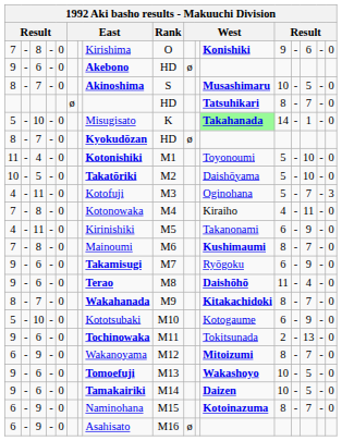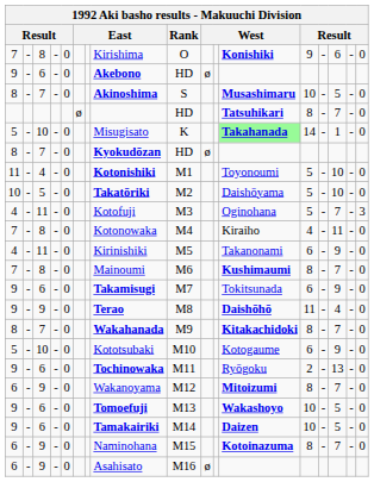 <table class="wikitable">
 <tr>
 <th colspan="17">1992 Aki basho results - Makuuchi Division</th>
 </tr>
 <tr>
 <th colspan="5">Result</th>
 <th colspan="3">East</th>
 <th>Rank</th>
 <th colspan="3">West</th>
 <th colspan="5">Result</th>
 </tr>
 <tr>
 <td align=center>7</td>
 <td align=center>-</td>
 <td align=center>8</td>
 <td align=center>-</td>
 <td align=center>0</td>
 <td align=center></td>
 <td align=center></td>
 <td><a href='#'>Kirishima</a></td>
 <td align=center>O</td>
 <td align=center></td>
 <td align=center></td>
 <td><strong><a href='#'>Konishiki</a></strong></td>
 <td align=center>9</td>
 <td align=center>-</td>
 <td align=center>6</td>
 <td align=center>-</td>
 <td align=center>0</td>
 </tr>
 <tr>
 <td align=center>9</td>
 <td align=center>-</td>
 <td align=center>6</td>
 <td align=center>-</td>
 <td align=center>0</td>
 <td align=center></td>
 <td align=center></td>
 <td><strong><a href='#'>Akebono</a></strong></td>
 <td align=center>HD</td>
 <td align=center>ø</td>
 <td align=center></td>
 <td></td>
 <td align=center></td>
 <td align=center></td>
 <td align=center></td>
 <td align=center></td>
 <td align=center></td>
 </tr>
 <tr>
 <td align=center>8</td>
 <td align=center>-</td>
 <td align=center>7</td>
 <td align=center>-</td>
 <td align=center>0</td>
 <td align=center></td>
 <td align=center></td>
 <td><strong><a href='#'>Akinoshima</a></strong></td>
 <td align=center>S</td>
 <td align=center></td>
 <td align=center></td>
 <td><strong><a href='#'>Musashimaru</a></strong></td>
 <td align=center>10</td>
 <td align=center>-</td>
 <td align=center>5</td>
 <td align=center>-</td>
 <td align=center>0</td>
 </tr>
 <tr>
 <td align=center></td>
 <td align=center></td>
 <td align=center></td>
 <td align=center></td>
 <td align=center></td>
 <td align=center>ø</td>
 <td align=center></td>
 <td></td>
 <td align=center>HD</td>
 <td align=center></td>
 <td align=center></td>
 <td><strong><a href='#'>Tatsuhikari</a></strong></td>
 <td align=center>8</td>
 <td align=center>-</td>
 <td align=center>7</td>
 <td align=center>-</td>
 <td align=center>0</td>
 </tr>
 <tr>
 <td align=center>5</td>
 <td align=center>-</td>
 <td align=center>10</td>
 <td align=center>-</td>
 <td align=center>0</td>
 <td align=center></td>
 <td align=center></td>
 <td><a href='#'>Misugisato</a></td>
 <td align=center>K</td>
 <td align=center></td>
 <td align=center></td>
 <td style="background: PaleGreen;"><strong><a href='#'>Takahanada</a></strong></td>
 <td align=center>14</td>
 <td align=center>-</td>
 <td align=center>1</td>
 <td align=center>-</td>
 <td align=center>0</td>
 </tr>
 <tr>
 <td align=center>8</td>
 <td align=center>-</td>
 <td align=center>7</td>
 <td align=center>-</td>
 <td align=center>0</td>
 <td align=center></td>
 <td align=center></td>
 <td><strong><a href='#'>Kyokudōzan</a></strong></td>
 <td align=center>HD</td>
 <td align=center>ø</td>
 <td align=center></td>
 <td></td>
 <td align=center></td>
 <td align=center></td>
 <td align=center></td>
 <td align=center></td>
 <td align=center></td>
 </tr>
 <tr>
 <td align=center>11</td>
 <td align=center>-</td>
 <td align=center>4</td>
 <td align=center>-</td>
 <td align=center>0</td>
 <td align=center></td>
 <td align=center></td>
 <td><strong><a href='#'>Kotonishiki</a></strong></td>
 <td align=center>M1</td>
 <td align=center></td>
 <td align=center></td>
 <td><a href='#'>Toyonoumi</a></td>
 <td align=center>5</td>
 <td align=center>-</td>
 <td align=center>10</td>
 <td align=center>-</td>
 <td align=center>0</td>
 </tr>
 <tr>
 <td align=center>10</td>
 <td align=center>-</td>
 <td align=center>5</td>
 <td align=center>-</td>
 <td align=center>0</td>
 <td align=center></td>
 <td align=center></td>
 <td><strong><a href='#'>Takatōriki</a></strong></td>
 <td align=center>M2</td>
 <td align=center></td>
 <td align=center></td>
 <td><a href='#'>Daishōyama</a></td>
 <td align=center>5</td>
 <td align=center>-</td>
 <td align=center>10</td>
 <td align=center>-</td>
 <td align=center>0</td>
 </tr>
 <tr>
 <td align=center>4</td>
 <td align=center>-</td>
 <td align=center>11</td>
 <td align=center>-</td>
 <td align=center>0</td>
 <td align=center></td>
 <td align=center></td>
 <td><a href='#'>Kotofuji</a></td>
 <td align=center>M3</td>
 <td align=center></td>
 <td align=center></td>
 <td><a href='#'>Oginohana</a></td>
 <td align=center>5</td>
 <td align=center>-</td>
 <td align=center>7</td>
 <td align=center>-</td>
 <td align=center>3</td>
 </tr>
 <tr>
 <td align=center>7</td>
 <td align=center>-</td>
 <td align=center>8</td>
 <td align=center>-</td>
 <td align=center>0</td>
 <td align=center></td>
 <td align=center></td>
 <td><a href='#'>Kotonowaka</a></td>
 <td align=center>M4</td>
 <td align=center></td>
 <td align=center></td>
 <td>Kiraiho</td>
 <td align=center>4</td>
 <td align=center>-</td>
 <td align=center>11</td>
 <td align=center>-</td>
 <td align=center>0</td>
 </tr>
 <tr>
 <td align=center>4</td>
 <td align=center>-</td>
 <td align=center>11</td>
 <td align=center>-</td>
 <td align=center>0</td>
 <td align=center></td>
 <td align=center></td>
 <td><a href='#'>Kirinishiki</a></td>
 <td align=center>M5</td>
 <td align=center></td>
 <td align=center></td>
 <td><a href='#'>Takanonami</a></td>
 <td align=center>6</td>
 <td align=center>-</td>
 <td align=center>9</td>
 <td align=center>-</td>
 <td align=center>0</td>
 </tr>
 <tr>
 <td align=center>7</td>
 <td align=center>-</td>
 <td align=center>8</td>
 <td align=center>-</td>
 <td align=center>0</td>
 <td align=center></td>
 <td align=center></td>
 <td><a href='#'>Mainoumi</a></td>
 <td align=center>M6</td>
 <td align=center></td>
 <td align=center></td>
 <td><strong><a href='#'>Kushimaumi</a></strong></td>
 <td align=center>8</td>
 <td align=center>-</td>
 <td align=center>7</td>
 <td align=center>-</td>
 <td align=center>0</td>
 </tr>
 <tr>
 <td align=center>9</td>
 <td align=center>-</td>
 <td align=center>6</td>
 <td align=center>-</td>
 <td align=center>0</td>
 <td align=center></td>
 <td align=center></td>
 <td><strong><a href='#'>Takamisugi</a></strong></td>
 <td align=center>M7</td>
 <td align=center></td>
 <td align=center></td>
-<td><a href='#'>Ryōgoku</a></td>
+<td><a href='#'>Tokitsunada</a></td>
 <td align=center>6</td>
 <td align=center>-</td>
 <td align=center>9</td>
 <td align=center>-</td>
 <td align=center>0</td>
 </tr>
 <tr>
 <td align=center>9</td>
 <td align=center>-</td>
-<td align=center>6</td>
+<td align=center>9</td>
 <td align=center>-</td>
 <td align=center>0</td>
 <td align=center></td>
 <td align=center></td>
 <td><strong><a href='#'>Terao</a></strong></td>
 <td align=center>M8</td>
 <td align=center></td>
 <td align=center></td>
 <td><strong><a href='#'>Daishōhō</a></strong></td>
 <td align=center>11</td>
 <td align=center>-</td>
 <td align=center>4</td>
 <td align=center>-</td>
 <td align=center>0</td>
 </tr>
 <tr>
 <td align=center>8</td>
 <td align=center>-</td>
 <td align=center>7</td>
 <td align=center>-</td>
 <td align=center>0</td>
 <td align=center></td>
 <td align=center></td>
 <td><strong><a href='#'>Wakahanada</a></strong></td>
 <td align=center>M9</td>
 <td align=center></td>
 <td align=center></td>
 <td><strong><a href='#'>Kitakachidoki</a></strong></td>
 <td align=center>8</td>
 <td align=center>-</td>
 <td align=center>7</td>
 <td align=center>-</td>
 <td align=center>0</td>
 </tr>
 <tr>
 <td align=center>5</td>
 <td align=center>-</td>
 <td align=center>10</td>
 <td align=center>-</td>
 <td align=center>0</td>
 <td align=center></td>
 <td align=center></td>
 <td><a href='#'>Kototsubaki</a></td>
 <td align=center>M10</td>
 <td align=center></td>
 <td align=center></td>
 <td><a href='#'>Kotogaume</a></td>
 <td align=center>6</td>
 <td align=center>-</td>
 <td align=center>9</td>
 <td align=center>-</td>
 <td align=center>0</td>
 </tr>
 <tr>
 <td align=center>9</td>
 <td align=center>-</td>
 <td align=center>6</td>
 <td align=center>-</td>
 <td align=center>0</td>
 <td align=center></td>
 <td align=center></td>
 <td><strong><a href='#'>Tochinowaka</a></strong></td>
 <td align=center>M11</td>
 <td align=center></td>
 <td align=center></td>
-<td><a href='#'>Tokitsunada</a></td>
+<td><a href='#'>Ryōgoku</a></td>
 <td align=center>2</td>
 <td align=center>-</td>
 <td align=center>13</td>
 <td align=center>-</td>
 <td align=center>0</td>
 </tr>
 <tr>
 <td align=center>6</td>
 <td align=center>-</td>
 <td align=center>9</td>
 <td align=center>-</td>
 <td align=center>0</td>
 <td align=center></td>
 <td align=center></td>
 <td><a href='#'>Wakanoyama</a></td>
 <td align=center>M12</td>
 <td align=center></td>
 <td align=center></td>
 <td><strong><a href='#'>Mitoizumi</a></strong></td>
 <td align=center>8</td>
 <td align=center>-</td>
 <td align=center>7</td>
 <td align=center>-</td>
 <td align=center>0</td>
 </tr>
 <tr>
 <td align=center>9</td>
 <td align=center>-</td>
 <td align=center>6</td>
 <td align=center>-</td>
 <td align=center>0</td>
 <td align=center></td>
 <td align=center></td>
 <td><strong><a href='#'>Tomoefuji</a></strong></td>
 <td align=center>M13</td>
 <td align=center></td>
 <td align=center></td>
 <td><strong><a href='#'>Wakashoyo</a></strong></td>
 <td align=center>10</td>
 <td align=center>-</td>
 <td align=center>5</td>
 <td align=center>-</td>
 <td align=center>0</td>
 </tr>
 <tr>
 <td align=center>9</td>
 <td align=center>-</td>
 <td align=center>6</td>
 <td align=center>-</td>
 <td align=center>0</td>
 <td align=center></td>
 <td align=center></td>
 <td><strong><a href='#'>Tamakairiki</a></strong></td>
 <td align=center>M14</td>
 <td align=center></td>
 <td align=center></td>
 <td><strong><a href='#'>Daizen</a></strong></td>
 <td align=center>10</td>
 <td align=center>-</td>
 <td align=center>5</td>
 <td align=center>-</td>
 <td align=center>0</td>
 </tr>
 <tr>
 <td align=center>6</td>
 <td align=center>-</td>
 <td align=center>9</td>
 <td align=center>-</td>
 <td align=center>0</td>
 <td align=center></td>
 <td align=center></td>
 <td><a href='#'>Naminohana</a></td>
 <td align=center>M15</td>
 <td align=center></td>
 <td align=center></td>
 <td><strong><a href='#'>Kotoinazuma</a></strong></td>
 <td align=center>8</td>
 <td align=center>-</td>
 <td align=center>7</td>
 <td align=center>-</td>
 <td align=center>0</td>
 </tr>
 <tr>
 <td align=center>6</td>
 <td align=center>-</td>
 <td align=center>9</td>
 <td align=center>-</td>
 <td align=center>0</td>
 <td align=center></td>
 <td align=center></td>
 <td><a href='#'>Asahisato</a></td>
 <td align=center>M16</td>
 <td align=center>ø</td>
 <td align=center></td>
 <td></td>
 <td align=center></td>
 <td align=center></td>
 <td align=center></td>
 <td align=center></td>
 <td align=center></td>
 </tr>
 </table>
